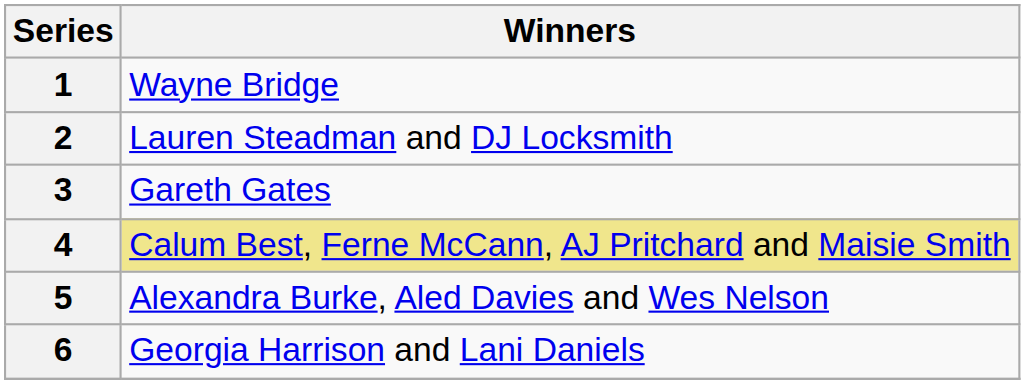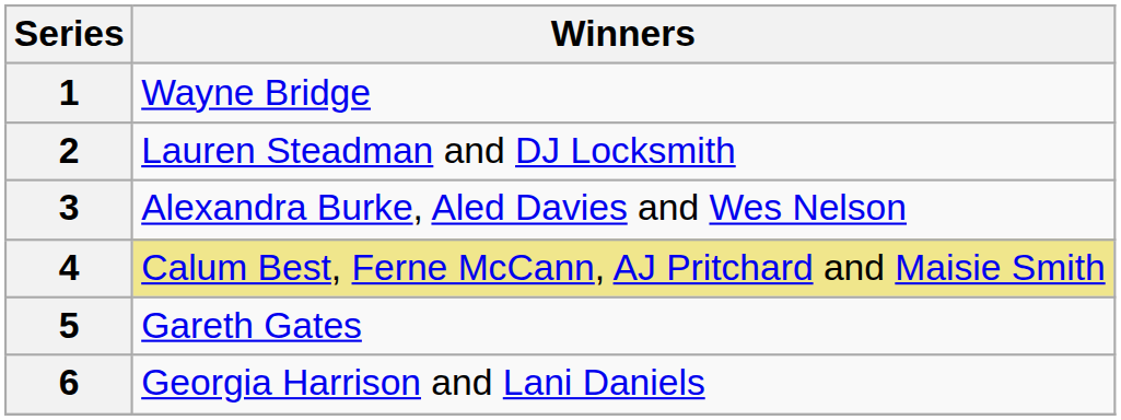 <table class="wikitable">
 <tr>
 <th>Series</th>
 <th>Winners</th>
 </tr>
 <tr>
 <th>1</th>
 <td><a href='#'>Wayne Bridge</a></td>
 </tr>
 <tr>
 <th>2</th>
 <td><a href='#'>Lauren Steadman</a> and <a href='#'>DJ Locksmith</a></td>
 </tr>
 <tr>
 <th>3</th>
-<td><a href='#'>Gareth Gates</a></td>
+<td><a href='#'>Alexandra Burke</a>, <a href='#'>Aled Davies</a> and <a href='#'>Wes Nelson</a></td>
 </tr>
 <tr>
 <th>4</th>
 <td style="background: khaki;"><a href='#'>Calum Best</a>, <a href='#'>Ferne McCann</a>, <a href='#'>AJ Pritchard</a> and <a href='#'>Maisie Smith</a></td>
 </tr>
 <tr>
 <th>5</th>
-<td><a href='#'>Alexandra Burke</a>, <a href='#'>Aled Davies</a> and <a href='#'>Wes Nelson</a></td>
+<td><a href='#'>Gareth Gates</a></td>
 </tr>
 <tr>
 <th>6</th>
 <td><a href='#'>Georgia Harrison</a> and <a href='#'>Lani Daniels</a></td>
 </tr>
 <tr>
 </tr>
 </table>
